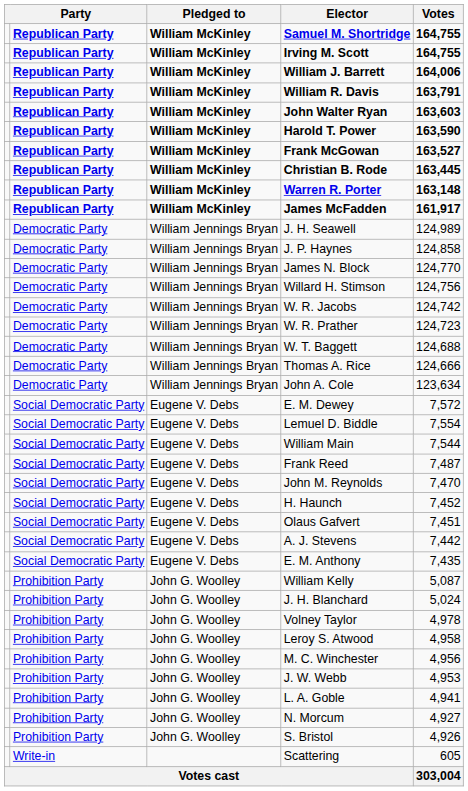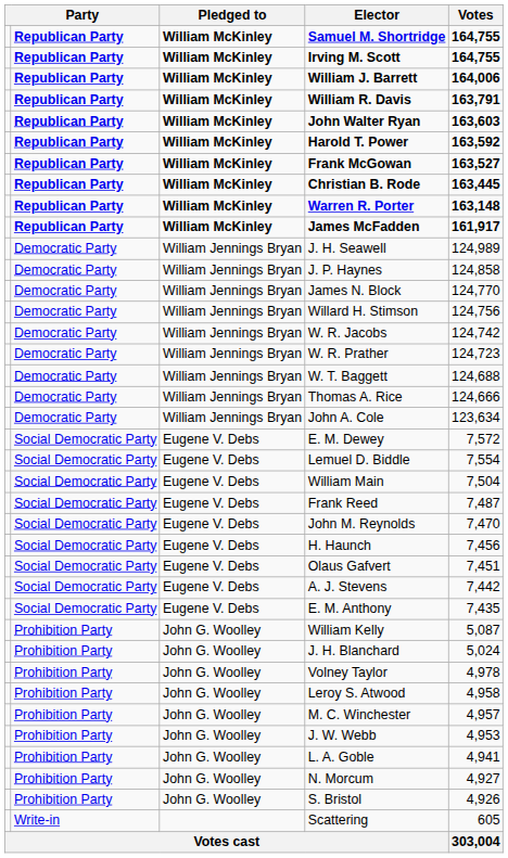 <table class="wikitable">
 <tr>
 <th colspan=2>Party</th>
 <th>Pledged to</th>
 <th>Elector</th>
 <th>Votes</th>
 </tr>
 <tr style="font-weight:bold">
 <td></td>
 <td><a href='#'>Republican Party</a></td>
 <td>William McKinley</td>
 <td><a href='#'>Samuel M. Shortridge</a></td>
 <td align=right>164,755</td>
 </tr>
 <tr style="font-weight:bold">
 <td></td>
 <td><a href='#'>Republican Party</a></td>
 <td>William McKinley</td>
 <td>Irving M. Scott</td>
 <td align="right">164,755</td>
 </tr>
 <tr style="font-weight:bold">
 <td></td>
 <td><a href='#'>Republican Party</a></td>
 <td>William McKinley</td>
 <td>William J. Barrett</td>
 <td align="right">164,006</td>
 </tr>
 <tr style="font-weight:bold">
 <td></td>
 <td><a href='#'>Republican Party</a></td>
 <td>William McKinley</td>
 <td>William R. Davis</td>
 <td align="right">163,791</td>
 </tr>
 <tr style="font-weight:bold">
 <td></td>
 <td><a href='#'>Republican Party</a></td>
 <td>William McKinley</td>
 <td>John Walter Ryan</td>
 <td align="right">163,603</td>
 </tr>
 <tr style="font-weight:bold">
 <td></td>
 <td><a href='#'>Republican Party</a></td>
 <td>William McKinley</td>
 <td>Harold T. Power</td>
-<td align="right">163,590</td>
+<td align="right">163,592</td>
 </tr>
 <tr style="font-weight:bold">
 <td></td>
 <td><a href='#'>Republican Party</a></td>
 <td>William McKinley</td>
 <td>Frank McGowan</td>
 <td align="right">163,527</td>
 </tr>
 <tr style="font-weight:bold">
 <td></td>
 <td><a href='#'>Republican Party</a></td>
 <td>William McKinley</td>
 <td>Christian B. Rode</td>
 <td align="right">163,445</td>
 </tr>
 <tr style="font-weight:bold">
 <td></td>
 <td><a href='#'>Republican Party</a></td>
 <td>William McKinley</td>
 <td><a href='#'>Warren R. Porter</a></td>
 <td align="right">163,148</td>
 </tr>
 <tr style="font-weight:bold">
 <td></td>
 <td><a href='#'>Republican Party</a></td>
 <td>William McKinley</td>
 <td>James McFadden</td>
 <td align=right>161,917</td>
 </tr>
 <tr>
 <td bgcolor=></td>
 <td><a href='#'>Democratic Party</a></td>
 <td>William Jennings Bryan</td>
 <td>J. H. Seawell</td>
 <td align="right">124,989</td>
 </tr>
 <tr>
 <td bgcolor=></td>
 <td><a href='#'>Democratic Party</a></td>
 <td>William Jennings Bryan</td>
 <td>J. P. Haynes</td>
 <td align="right">124,858</td>
 </tr>
 <tr>
 <td bgcolor=></td>
 <td><a href='#'>Democratic Party</a></td>
 <td>William Jennings Bryan</td>
 <td>James N. Block</td>
 <td align="right">124,770</td>
 </tr>
 <tr>
 <td bgcolor=></td>
 <td><a href='#'>Democratic Party</a></td>
 <td>William Jennings Bryan</td>
 <td>Willard H. Stimson</td>
 <td align="right">124,756</td>
 </tr>
 <tr>
 <td bgcolor=></td>
 <td><a href='#'>Democratic Party</a></td>
 <td>William Jennings Bryan</td>
 <td>W. R. Jacobs</td>
 <td align="right">124,742</td>
 </tr>
 <tr>
 <td bgcolor=></td>
 <td><a href='#'>Democratic Party</a></td>
 <td>William Jennings Bryan</td>
 <td>W. R. Prather</td>
 <td align="right">124,723</td>
 </tr>
 <tr>
 <td bgcolor=></td>
 <td><a href='#'>Democratic Party</a></td>
 <td>William Jennings Bryan</td>
 <td>W. T. Baggett</td>
 <td align="right">124,688</td>
 </tr>
 <tr>
 <td bgcolor=></td>
 <td><a href='#'>Democratic Party</a></td>
 <td>William Jennings Bryan</td>
 <td>Thomas A. Rice</td>
 <td align="right">124,666</td>
 </tr>
 <tr>
 <td bgcolor=></td>
 <td><a href='#'>Democratic Party</a></td>
 <td>William Jennings Bryan</td>
 <td>John A. Cole</td>
 <td align="right">123,634</td>
 </tr>
 <tr>
 <td bgcolor=></td>
 <td><a href='#'>Social Democratic Party</a></td>
 <td>Eugene V. Debs</td>
 <td>E. M. Dewey</td>
 <td align="right">7,572</td>
 </tr>
 <tr>
 <td bgcolor=></td>
 <td><a href='#'>Social Democratic Party</a></td>
 <td>Eugene V. Debs</td>
 <td>Lemuel D. Biddle</td>
 <td align="right">7,554</td>
 </tr>
 <tr>
 <td bgcolor=></td>
 <td><a href='#'>Social Democratic Party</a></td>
 <td>Eugene V. Debs</td>
 <td>William Main</td>
-<td align="right">7,544</td>
+<td align="right">7,504</td>
 </tr>
 <tr>
 <td bgcolor=></td>
 <td><a href='#'>Social Democratic Party</a></td>
 <td>Eugene V. Debs</td>
 <td>Frank Reed</td>
 <td align="right">7,487</td>
 </tr>
 <tr>
 <td bgcolor=></td>
 <td><a href='#'>Social Democratic Party</a></td>
 <td>Eugene V. Debs</td>
 <td>John M. Reynolds</td>
 <td align="right">7,470</td>
 </tr>
 <tr>
 <td bgcolor=></td>
 <td><a href='#'>Social Democratic Party</a></td>
 <td>Eugene V. Debs</td>
 <td>H. Haunch</td>
-<td align="right">7,452</td>
+<td align="right">7,456</td>
 </tr>
 <tr>
 <td bgcolor=></td>
 <td><a href='#'>Social Democratic Party</a></td>
 <td>Eugene V. Debs</td>
 <td>Olaus Gafvert</td>
 <td align="right">7,451</td>
 </tr>
 <tr>
 <td bgcolor=></td>
 <td><a href='#'>Social Democratic Party</a></td>
 <td>Eugene V. Debs</td>
 <td>A. J. Stevens</td>
 <td align="right">7,442</td>
 </tr>
 <tr>
 <td bgcolor=></td>
 <td><a href='#'>Social Democratic Party</a></td>
 <td>Eugene V. Debs</td>
 <td>E. M. Anthony</td>
 <td align="right">7,435</td>
 </tr>
 <tr>
 <td></td>
 <td><a href='#'>Prohibition Party</a></td>
 <td>John G. Woolley</td>
 <td>William Kelly</td>
 <td align="right">5,087</td>
 </tr>
 <tr>
 <td></td>
 <td><a href='#'>Prohibition Party</a></td>
 <td>John G. Woolley</td>
 <td>J. H. Blanchard</td>
 <td align="right">5,024</td>
 </tr>
 <tr>
 <td></td>
 <td><a href='#'>Prohibition Party</a></td>
 <td>John G. Woolley</td>
 <td>Volney Taylor</td>
 <td align="right">4,978</td>
 </tr>
 <tr>
 <td></td>
 <td><a href='#'>Prohibition Party</a></td>
 <td>John G. Woolley</td>
 <td>Leroy S. Atwood</td>
 <td align="right">4,958</td>
 </tr>
 <tr>
 <td></td>
 <td><a href='#'>Prohibition Party</a></td>
 <td>John G. Woolley</td>
 <td>M. C. Winchester</td>
-<td align="right">4,956</td>
+<td align="right">4,957</td>
 </tr>
 <tr>
 <td></td>
 <td><a href='#'>Prohibition Party</a></td>
 <td>John G. Woolley</td>
 <td>J. W. Webb</td>
 <td align="right">4,953</td>
 </tr>
 <tr>
 <td></td>
 <td><a href='#'>Prohibition Party</a></td>
 <td>John G. Woolley</td>
 <td>L. A. Goble</td>
 <td align="right">4,941</td>
 </tr>
 <tr>
 <td></td>
 <td><a href='#'>Prohibition Party</a></td>
 <td>John G. Woolley</td>
 <td>N. Morcum</td>
 <td align="right">4,927</td>
 </tr>
 <tr>
 <td></td>
 <td><a href='#'>Prohibition Party</a></td>
 <td>John G. Woolley</td>
 <td>S. Bristol</td>
 <td align="right">4,926</td>
 </tr>
 <tr>
 <td></td>
 <td><a href='#'>Write-in</a></td>
 <td></td>
 <td>Scattering</td>
 <td align="right">605</td>
 </tr>
 <tr>
 <th colspan="4">Votes cast</th>
 <th>303,004</th>
 </tr>
 </table>
